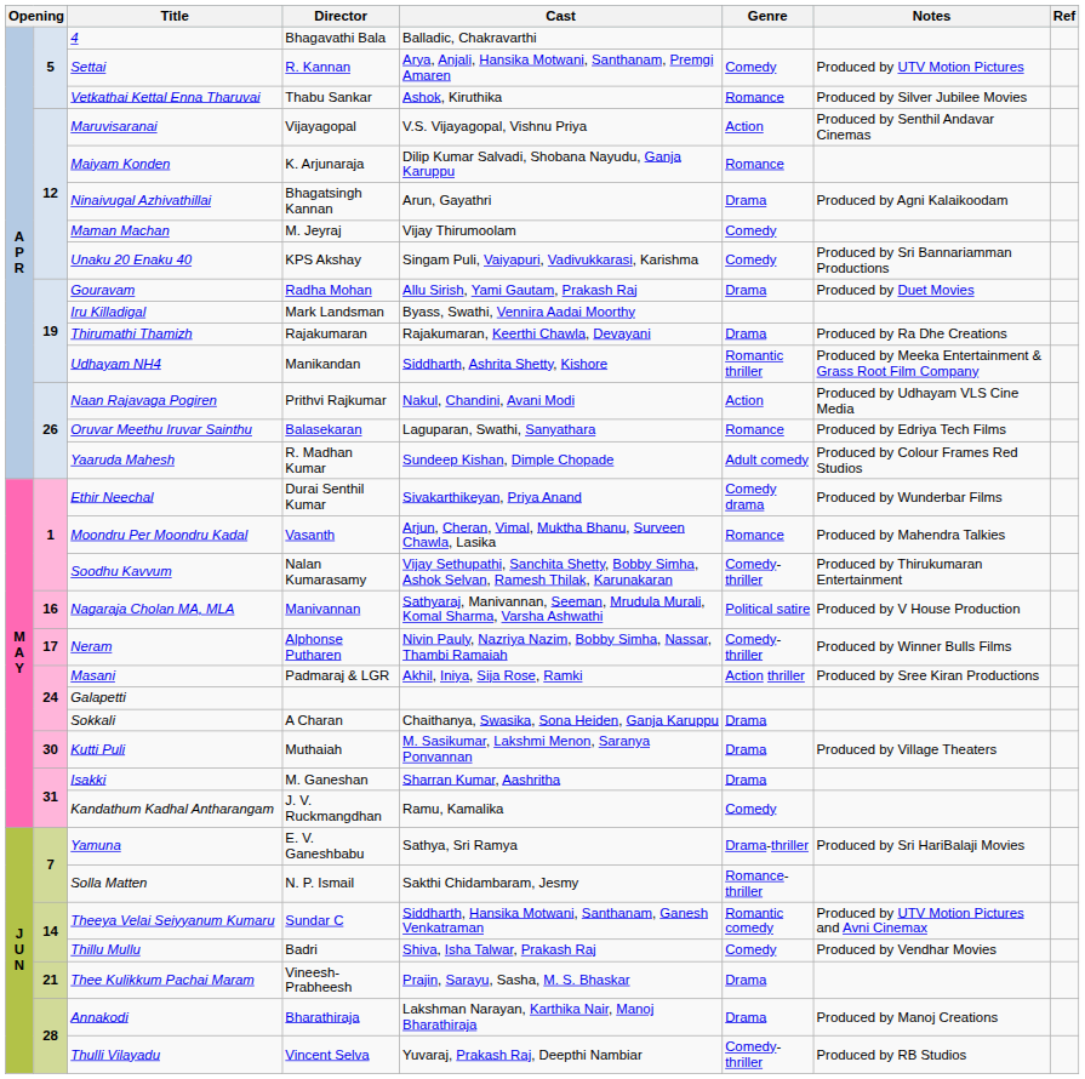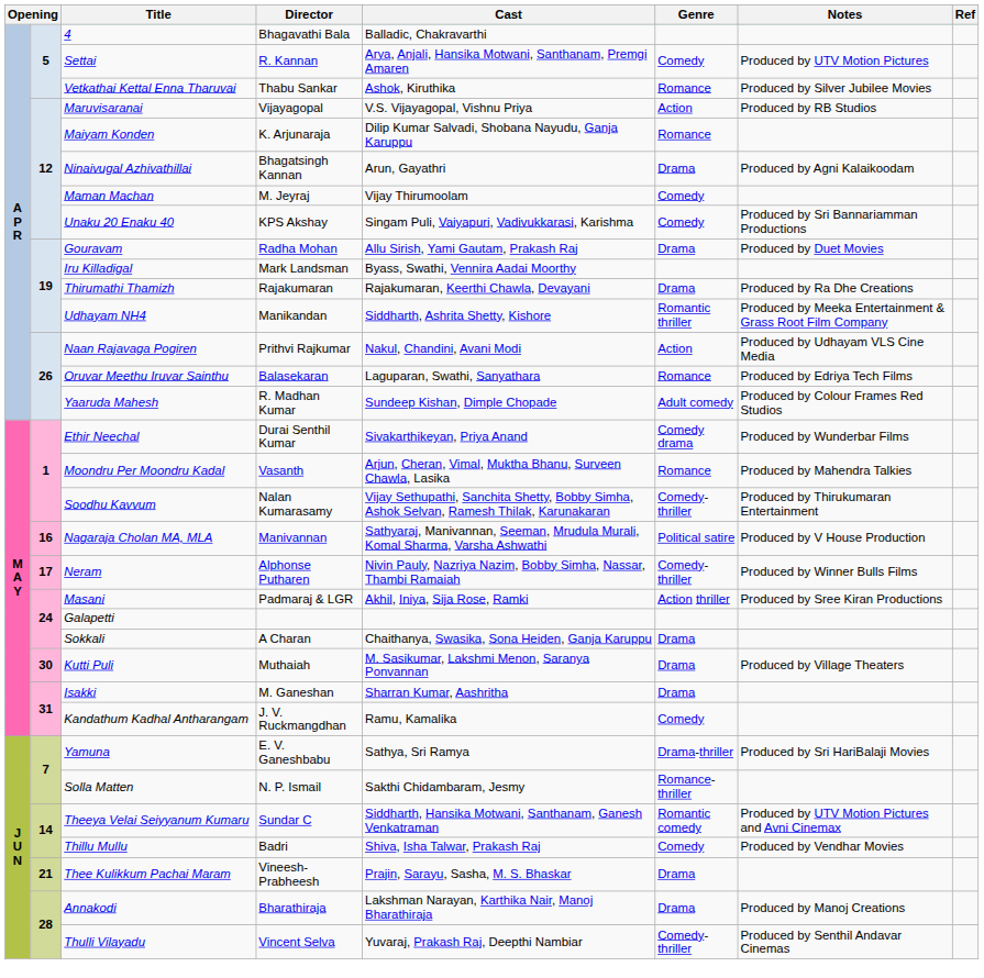 <table class="wikitable" id="wikitable-20130604">
 <tr style="background:#b0e0e6; text-align:center;">
 <th colspan="2"><strong>Opening</strong></th>
 <th style="width:20%;"><strong>Title</strong></th>
 <th>Director</th>
 <th>Cast</th>
 <th>Genre</th>
 <th>Notes</th>
 <th>Ref</th>
 </tr>
 <tr April!>
 <td rowspan="15"   style="text-align:center; background:#b4cae3; textcolor:#000;"><strong>A<br>P<br>R</strong></td>
 <td rowspan="3" style="text-align:center;background:#d9e4f1;"><strong>5</strong></td>
 <td><em><a href='#'>4</a></em></td>
 <td>Bhagavathi Bala</td>
 <td>Balladic, Chakravarthi</td>
 <td></td>
 <td></td>
 <td></td>
 </tr>
 <tr>
 <td><em><a href='#'>Settai</a></em></td>
 <td><a href='#'>R. Kannan</a></td>
 <td><a href='#'>Arya</a>, <a href='#'>Anjali</a>, <a href='#'>Hansika Motwani</a>, <a href='#'>Santhanam</a>, <a href='#'>Premgi Amaren</a></td>
 <td><a href='#'>Comedy</a></td>
 <td>Produced by <a href='#'>UTV Motion Pictures</a></td>
 <td></td>
 </tr>
 <tr>
 <td><em><a href='#'>Vetkathai Kettal Enna Tharuvai</a></em></td>
 <td>Thabu Sankar</td>
 <td><a href='#'>Ashok</a>, Kiruthika</td>
 <td><a href='#'>Romance</a></td>
 <td>Produced by Silver Jubilee Movies</td>
 <td></td>
 </tr>
 <tr>
 <td rowspan="5" style="text-align:center;background:#d9e4f1;"><strong>12</strong></td>
 <td><em><a href='#'>Maruvisaranai</a></em></td>
 <td>Vijayagopal</td>
 <td>V.S. Vijayagopal, Vishnu Priya</td>
 <td><a href='#'>Action</a></td>
-<td>Produced by Senthil Andavar Cinemas</td>
+<td>Produced by RB Studios</td>
 <td></td>
 </tr>
 <tr>
 <td><em><a href='#'>Maiyam Konden</a></em></td>
 <td>K. Arjunaraja</td>
 <td>Dilip Kumar Salvadi, Shobana Nayudu, <a href='#'>Ganja Karuppu</a></td>
 <td><a href='#'>Romance</a></td>
 <td></td>
 <td></td>
 </tr>
 <tr>
 <td><em><a href='#'>Ninaivugal Azhivathillai</a></em></td>
 <td>Bhagatsingh Kannan</td>
 <td>Arun, Gayathri</td>
 <td><a href='#'>Drama</a></td>
 <td>Produced by Agni Kalaikoodam</td>
 <td></td>
 </tr>
 <tr>
 <td><em><a href='#'>Maman Machan</a></em></td>
 <td>M. Jeyraj</td>
 <td>Vijay Thirumoolam</td>
 <td><a href='#'>Comedy</a></td>
 <td></td>
 <td></td>
 </tr>
 <tr>
 <td><em><a href='#'>Unaku 20 Enaku 40</a></em></td>
 <td>KPS Akshay</td>
 <td>Singam Puli, <a href='#'>Vaiyapuri</a>, <a href='#'>Vadivukkarasi</a>, Karishma</td>
 <td><a href='#'>Comedy</a></td>
 <td>Produced by Sri Bannariamman Productions</td>
 <td></td>
 </tr>
 <tr>
 <td rowspan="4" style="text-align:center;background:#d9e4f1;"><strong>19</strong></td>
 <td><em><a href='#'>Gouravam</a></em></td>
 <td><a href='#'>Radha Mohan</a></td>
 <td><a href='#'>Allu Sirish</a>, <a href='#'>Yami Gautam</a>, <a href='#'>Prakash Raj</a></td>
 <td><a href='#'>Drama</a></td>
 <td>Produced by <a href='#'>Duet Movies</a></td>
 <td></td>
 </tr>
 <tr>
 <td><em><a href='#'>Iru Killadigal</a></em></td>
 <td>Mark Landsman</td>
 <td>Byass, Swathi, <a href='#'>Vennira Aadai Moorthy</a></td>
 <td></td>
 <td></td>
 <td></td>
 </tr>
 <tr>
 <td><em><a href='#'>Thirumathi Thamizh</a></em></td>
 <td>Rajakumaran</td>
 <td>Rajakumaran, <a href='#'>Keerthi Chawla</a>, <a href='#'>Devayani</a></td>
 <td><a href='#'>Drama</a></td>
 <td>Produced by Ra Dhe Creations</td>
 <td></td>
 </tr>
 <tr>
 <td><em><a href='#'>Udhayam NH4</a></em></td>
 <td>Manikandan</td>
 <td><a href='#'>Siddharth</a>, <a href='#'>Ashrita Shetty</a>, <a href='#'>Kishore</a></td>
 <td><a href='#'>Romantic thriller</a></td>
 <td>Produced by Meeka Entertainment & <a href='#'>Grass Root Film Company</a></td>
 <td></td>
 </tr>
 <tr>
 <td rowspan="3" style="text-align:center;background:#d9e4f1;"><strong>26</strong></td>
 <td><em><a href='#'>Naan Rajavaga Pogiren</a></em></td>
 <td>Prithvi Rajkumar</td>
 <td><a href='#'>Nakul</a>, <a href='#'>Chandini</a>, <a href='#'>Avani Modi</a></td>
 <td><a href='#'>Action</a></td>
 <td>Produced by Udhayam VLS Cine Media</td>
 <td></td>
 </tr>
 <tr>
 <td><em><a href='#'>Oruvar Meethu Iruvar Sainthu</a></em></td>
 <td><a href='#'>Balasekaran</a></td>
 <td>Laguparan, Swathi, <a href='#'>Sanyathara</a></td>
 <td><a href='#'>Romance</a></td>
 <td>Produced by Edriya Tech Films</td>
 <td></td>
 </tr>
 <tr>
 <td><em><a href='#'>Yaaruda Mahesh</a></em></td>
 <td>R. Madhan Kumar</td>
 <td><a href='#'>Sundeep Kishan</a>, <a href='#'>Dimple Chopade</a></td>
 <td><a href='#'>Adult comedy</a></td>
 <td>Produced by Colour Frames Red Studios</td>
 <td></td>
 </tr>
 <tr May!>
 <td rowspan="11" style="text-align:center; background:hotPink; textcolor:#000;"><strong>M<br>A<br>Y</strong></td>
 <td rowspan="3" style="text-align:center;background:#ffb5da;"><strong>1</strong></td>
 <td><em><a href='#'>Ethir Neechal</a></em></td>
 <td>Durai Senthil Kumar</td>
 <td><a href='#'>Sivakarthikeyan</a>, <a href='#'>Priya Anand</a></td>
 <td><a href='#'>Comedy drama</a></td>
 <td>Produced by Wunderbar Films</td>
 <td></td>
 </tr>
 <tr>
 <td><em><a href='#'>Moondru Per Moondru Kadal</a></em></td>
 <td><a href='#'>Vasanth</a></td>
 <td><a href='#'>Arjun</a>, <a href='#'>Cheran</a>, <a href='#'>Vimal</a>, <a href='#'>Muktha Bhanu</a>, <a href='#'>Surveen Chawla</a>, Lasika</td>
 <td><a href='#'>Romance</a></td>
 <td>Produced by Mahendra Talkies</td>
 <td></td>
 </tr>
 <tr>
 <td><em><a href='#'>Soodhu Kavvum</a></em></td>
 <td>Nalan Kumarasamy</td>
 <td><a href='#'>Vijay Sethupathi</a>, <a href='#'>Sanchita Shetty</a>, <a href='#'>Bobby Simha</a>, <a href='#'>Ashok Selvan</a>, <a href='#'>Ramesh Thilak</a>, <a href='#'>Karunakaran</a></td>
 <td><a href='#'>Comedy</a>-<a href='#'>thriller</a></td>
 <td>Produced by Thirukumaran Entertainment</td>
 <td></td>
 </tr>
 <tr>
 <td style="text-align:center; background:#ffb5da;"><strong>16</strong></td>
 <td><em><a href='#'>Nagaraja Cholan MA, MLA</a></em></td>
 <td><a href='#'>Manivannan</a></td>
 <td><a href='#'>Sathyaraj</a>, Manivannan, <a href='#'>Seeman</a>, <a href='#'>Mrudula Murali</a>, <a href='#'>Komal Sharma</a>, <a href='#'>Varsha Ashwathi</a></td>
 <td><a href='#'>Political satire</a></td>
 <td>Produced by V House Production</td>
 <td></td>
 </tr>
 <tr>
 <td style="text-align:center; background:#ffb5da;"><strong>17</strong></td>
 <td><em><a href='#'>Neram</a></em></td>
 <td><a href='#'>Alphonse Putharen</a></td>
 <td><a href='#'>Nivin Pauly</a>, <a href='#'>Nazriya Nazim</a>, <a href='#'>Bobby Simha</a>, <a href='#'>Nassar</a>, <a href='#'>Thambi Ramaiah</a></td>
 <td><a href='#'>Comedy</a>-<a href='#'>thriller</a></td>
 <td>Produced by Winner Bulls Films</td>
 <td></td>
 </tr>
 <tr>
 <td rowspan="3" style="text-align:center;background:#ffb5da;"><strong>24</strong></td>
 <td><em><a href='#'>Masani</a></em></td>
 <td>Padmaraj & LGR</td>
 <td><a href='#'>Akhil</a>, <a href='#'>Iniya</a>, <a href='#'>Sija Rose</a>, <a href='#'>Ramki</a></td>
 <td><a href='#'>Action</a>  <a href='#'>thriller</a></td>
 <td>Produced by Sree Kiran Productions</td>
 <td></td>
 </tr>
 <tr>
 <td><em>Galapetti</em></td>
 <td></td>
 <td></td>
 <td></td>
 <td></td>
 <td></td>
 </tr>
 <tr>
 <td><em>Sokkali</em></td>
 <td>A Charan</td>
 <td>Chaithanya, <a href='#'>Swasika</a>, <a href='#'>Sona Heiden</a>, <a href='#'>Ganja Karuppu</a></td>
 <td><a href='#'>Drama</a></td>
 <td></td>
 <td></td>
 </tr>
 <tr>
 <td style="text-align:center; background:#ffb5da;"><strong>30</strong></td>
 <td><em><a href='#'>Kutti Puli</a></em></td>
 <td>Muthaiah</td>
 <td><a href='#'>M. Sasikumar</a>, <a href='#'>Lakshmi Menon</a>, <a href='#'>Saranya Ponvannan</a></td>
 <td><a href='#'>Drama</a></td>
 <td>Produced by Village Theaters</td>
 <td></td>
 </tr>
 <tr>
 <td rowspan="2" style="text-align:center;background:#ffb5da;"><strong>31</strong></td>
 <td><em><a href='#'>Isakki</a></em></td>
 <td>M. Ganeshan</td>
 <td><a href='#'>Sharran Kumar</a>, <a href='#'>Aashritha</a></td>
 <td><a href='#'>Drama</a></td>
 <td></td>
 <td></td>
 </tr>
 <tr>
 <td><em>Kandathum Kadhal Antharangam</em></td>
 <td>J. V. Ruckmangdhan</td>
 <td>Ramu, Kamalika</td>
 <td><a href='#'>Comedy</a></td>
 <td></td>
 <td></td>
 </tr>
 <tr June!>
 <td rowspan="7" style="text-align:center; background:#B2C248; textcolor:#000;"><strong>J<br>U<br>N</strong></td>
 <td rowspan="2" style="text-align:center;background:#D1DA98;"><strong>7</strong></td>
 <td><em><a href='#'>Yamuna</a></em></td>
 <td>E. V. Ganeshbabu</td>
 <td>Sathya, Sri Ramya</td>
 <td><a href='#'>Drama</a>-<a href='#'>thriller</a></td>
 <td>Produced by Sri HariBalaji Movies</td>
 <td></td>
 </tr>
 <tr>
 <td><em>Solla Matten</em></td>
 <td>N. P. Ismail</td>
 <td>Sakthi Chidambaram, Jesmy</td>
 <td><a href='#'>Romance</a>-<a href='#'>thriller</a></td>
 <td></td>
 <td></td>
 </tr>
 <tr>
 <td rowspan="2" style="text-align:center;background:#D1DA98;"><strong>14</strong></td>
 <td><em><a href='#'>Theeya Velai Seiyyanum Kumaru</a></em></td>
 <td><a href='#'>Sundar C</a></td>
 <td><a href='#'>Siddharth</a>, <a href='#'>Hansika Motwani</a>, <a href='#'>Santhanam</a>, <a href='#'>Ganesh Venkatraman</a></td>
 <td><a href='#'>Romantic comedy</a></td>
 <td>Produced by <a href='#'>UTV Motion Pictures</a> and <a href='#'>Avni Cinemax</a></td>
 <td></td>
 </tr>
 <tr>
 <td><em><a href='#'>Thillu Mullu</a></em></td>
 <td>Badri</td>
 <td><a href='#'>Shiva</a>, <a href='#'>Isha Talwar</a>, <a href='#'>Prakash Raj</a></td>
 <td><a href='#'>Comedy</a></td>
 <td>Produced by Vendhar Movies</td>
 <td></td>
 </tr>
 <tr>
 <td style="text-align:center;background:#D1DA98;"><strong>21</strong></td>
 <td><em><a href='#'>Thee Kulikkum Pachai Maram</a></em></td>
 <td>Vineesh-Prabheesh</td>
 <td><a href='#'>Prajin</a>, <a href='#'>Sarayu</a>, Sasha, <a href='#'>M. S. Bhaskar</a></td>
 <td><a href='#'>Drama</a></td>
 <td></td>
 <td></td>
 </tr>
 <tr>
 <td rowspan="2" style="text-align:center;background:#D1DA98;"><strong>28</strong></td>
 <td><em><a href='#'>Annakodi</a></em></td>
 <td><a href='#'>Bharathiraja</a></td>
 <td>Lakshman Narayan, <a href='#'>Karthika Nair</a>, <a href='#'>Manoj Bharathiraja</a></td>
 <td><a href='#'>Drama</a></td>
 <td>Produced by Manoj Creations</td>
 <td></td>
 </tr>
 <tr>
 <td><em><a href='#'>Thulli Vilayadu</a></em></td>
 <td><a href='#'>Vincent Selva</a></td>
 <td>Yuvaraj, <a href='#'>Prakash Raj</a>, Deepthi Nambiar</td>
 <td><a href='#'>Comedy</a>-<a href='#'>thriller</a></td>
-<td>Produced by RB Studios</td>
+<td>Produced by Senthil Andavar Cinemas</td>
 <td></td>
 </tr>
 </table>
